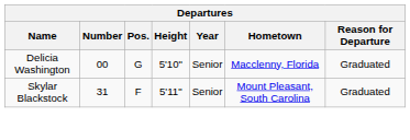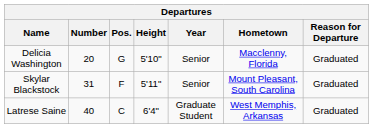 <table class="wikitable sortable" border="1" style="text-align: center;">
 <tr>
 <th colspan=7>Departures</th>
 </tr>
 <tr align=center>
 <th>Name</th>
 <th>Number</th>
 <th>Pos.</th>
 <th>Height</th>
 <th>Year</th>
 <th>Hometown</th>
 <th>Reason for Departure</th>
 </tr>
 <tr>
 <td>Delicia Washington</td>
-<td>00</td>
+<td>20</td>
 <td>G</td>
 <td>5'10"</td>
 <td>Senior</td>
 <td><a href='#'>Macclenny, Florida</a></td>
 <td>Graduated</td>
 </tr>
 <tr>
 <td>Skylar Blackstock</td>
 <td>31</td>
 <td>F</td>
 <td>5'11"</td>
 <td>Senior</td>
 <td><a href='#'>Mount Pleasant, South Carolina</a></td>
 <td>Graduated</td>
 </tr>
+<tr>
+<td>Latrese Saine</td>
+<td>40</td>
+<td>C</td>
+<td>6'4"</td>
+<td>Graduate Student</td>
+<td><a href='#'>West Memphis, Arkansas</a></td>
+<td>Graduated</td>
+</tr>
 </table>
